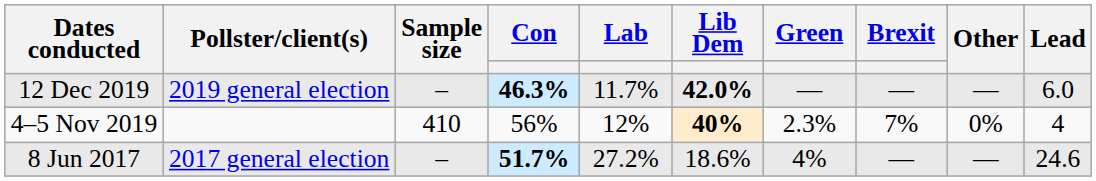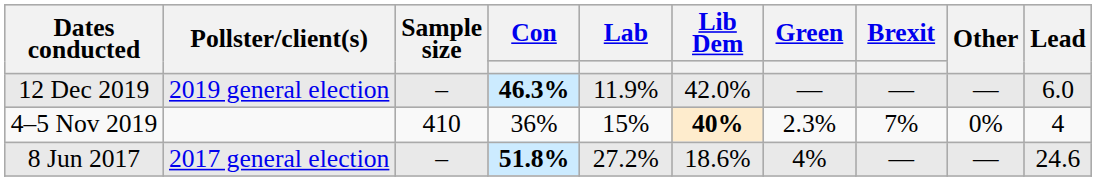 <table class="wikitable sortable mw-datatable" style="text-align:center;line-height:14px;">
 <tr>
 <th rowspan="2">Dates<br>conducted</th>
 <th rowspan="2">Pollster/client(s)</th>
 <th rowspan="2" data-sort-type="number">Sample<br>size</th>
 <th class="unsortable" style="width:50px;"><a href='#'>Con</a></th>
 <th class="unsortable" style="width:50px;"><a href='#'>Lab</a></th>
 <th class="unsortable" style="width:50px;"><a href='#'>Lib Dem</a></th>
 <th class="unsortable" style="width:50px;"><a href='#'>Green</a></th>
 <th class="unsortable" style="width:50px;"><a href='#'>Brexit</a></th>
 <th rowspan="2" class="unsortable">Other</th>
 <th rowspan="2" data-sort-type="number">Lead</th>
 </tr>
 <tr>
 <th data-sort-type="number" style="background:"></th>
 <th data-sort-type="number" style="background:"></th>
 <th data-sort-type="number" style="background:"></th>
 <th data-sort-type="number" style="background:"></th>
 <th data-sort-type="number" style="background:"></th>
 </tr>
 <tr style="background:#E9E9E9;">
 <td data-sort-value="2017-06-08">12 Dec 2019</td>
 <td><a href='#'>2019 general election</a></td>
 <td>–</td>
 <td style="background:#CCEBFF;"><strong>46.3%</strong></td>
-<td>11.7%</td>
-<td><strong>42.0%</strong></td>
+<td>11.9%</td>
+<td>42.0%</td>
 <td>—</td>
 <td>—</td>
 <td>—</td>
 <td style="background:">6.0</td>
 </tr>
 <tr>
 <td data-sort-value="2019-11-06">4–5 Nov 2019</td>
 <td></td>
 <td>410</td>
-<td>56%</td>
-<td>12%</td>
+<td>36%</td>
+<td>15%</td>
 <td style="background:#FEECCD;"><strong>40%</strong></td>
 <td>2.3%</td>
 <td>7%</td>
 <td>0%</td>
 <td style="background:">4</td>
 </tr>
 <tr style="background:#E9E9E9;">
 <td data-sort-value="2017-06-08">8 Jun 2017</td>
 <td><a href='#'>2017 general election</a></td>
 <td>–</td>
-<td style="background:#CCEBFF;"><strong>51.7%</strong></td>
+<td style="background:#CCEBFF;"><strong>51.8%</strong></td>
 <td>27.2%</td>
 <td>18.6%</td>
 <td>4%</td>
 <td>—</td>
 <td>—</td>
 <td style="background:">24.6</td>
 </tr>
 </table>
